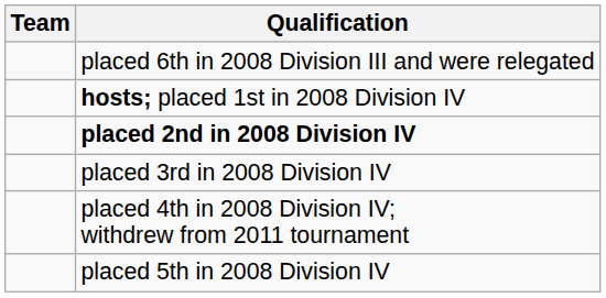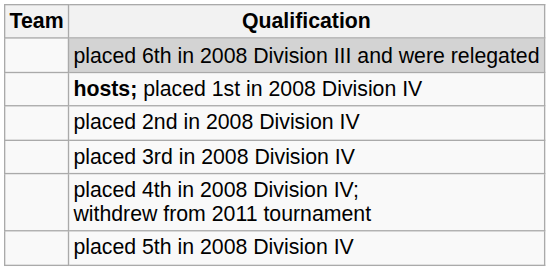 <table class="wikitable">
 <tr>
 <th>Team</th>
 <th>Qualification</th>
 </tr>
 <tr>
 <td></td>
-<td>placed 6th in 2008 Division III and were relegated</td>
+<td style="background: lightgrey;">placed 6th in 2008 Division III and were relegated</td>
 </tr>
 <tr>
 <td></td>
 <td><strong>hosts;</strong> placed 1st in 2008 Division IV</td>
 </tr>
 <tr>
 <td></td>
-<td><strong>placed 2nd in 2008 Division IV</strong></td>
+<td>placed 2nd in 2008 Division IV</td>
 </tr>
 <tr>
 <td></td>
 <td>placed 3rd in 2008 Division IV</td>
 </tr>
 <tr>
 <td><s></s></td>
 <td>placed 4th in 2008 Division IV;<br>withdrew from 2011 tournament</td>
 </tr>
 <tr>
 <td></td>
 <td>placed 5th in 2008 Division IV</td>
 </tr>
 </table>
